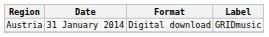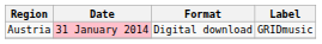 <table class=wikitable>
 <tr>
 <th>Region</th>
 <th>Date</th>
 <th>Format</th>
 <th>Label</th>
 </tr>
 <tr>
 <td>Austria</td>
-<td>31 January 2014</td>
+<td style="background: pink;">31 January 2014</td>
 <td>Digital download</td>
 <td>GRIDmusic</td>
 </tr>
 <tr>
 </tr>
 </table>
